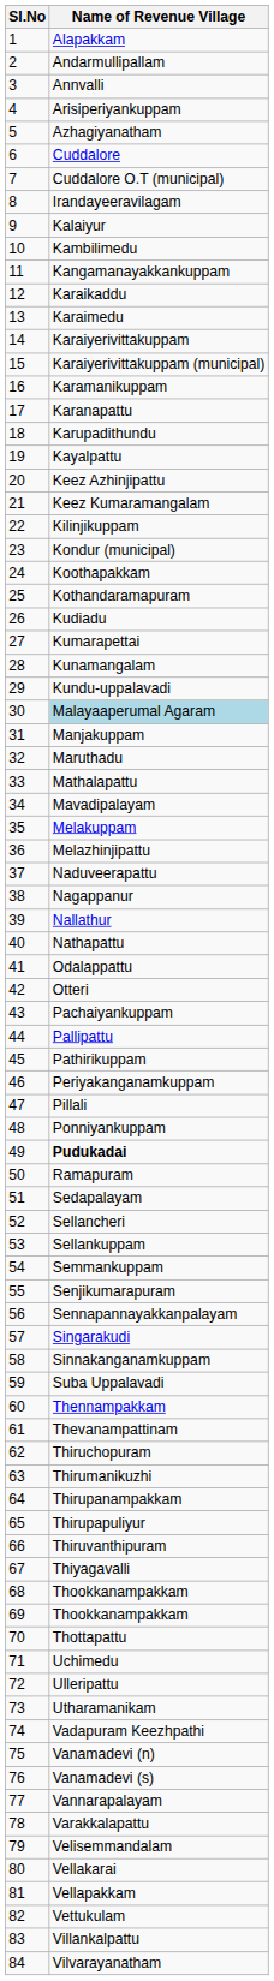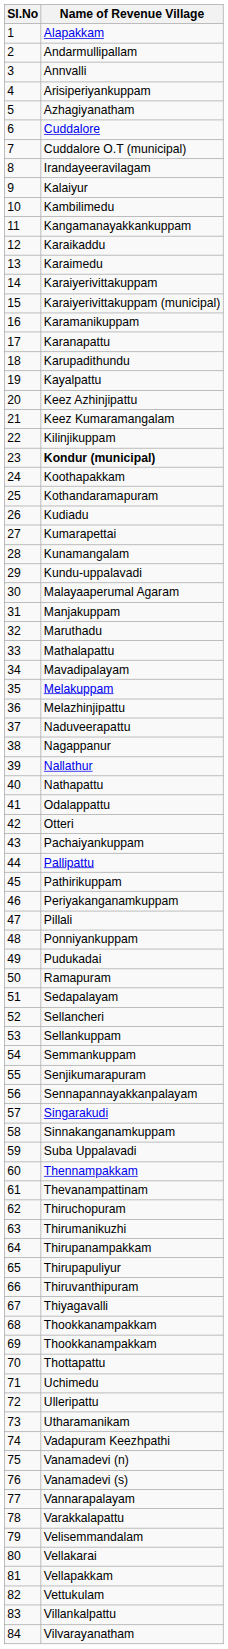 <table class="wikitable sortable">
 <tr>
 <th>SI.No</th>
 <th>Name of Revenue Village</th>
 </tr>
 <tr>
 <td>1</td>
 <td><a href='#'>Alapakkam</a></td>
 </tr>
 <tr>
 <td>2</td>
 <td>Andarmullipallam</td>
 </tr>
 <tr>
 <td>3</td>
 <td>Annvalli</td>
 </tr>
 <tr>
 <td>4</td>
 <td>Arisiperiyankuppam</td>
 </tr>
 <tr>
 <td>5</td>
 <td>Azhagiyanatham</td>
 </tr>
 <tr>
 <td>6</td>
 <td><a href='#'>Cuddalore</a></td>
 </tr>
 <tr>
 <td>7</td>
 <td>Cuddalore O.T (municipal)</td>
 </tr>
 <tr>
 <td>8</td>
 <td>Irandayeeravilagam</td>
 </tr>
 <tr>
 <td>9</td>
 <td>Kalaiyur</td>
 </tr>
 <tr>
 <td>10</td>
 <td>Kambilimedu</td>
 </tr>
 <tr>
 <td>11</td>
 <td>Kangamanayakkankuppam</td>
 </tr>
 <tr>
 <td>12</td>
 <td>Karaikaddu</td>
 </tr>
 <tr>
 <td>13</td>
 <td>Karaimedu</td>
 </tr>
 <tr>
 <td>14</td>
 <td>Karaiyerivittakuppam</td>
 </tr>
 <tr>
 <td>15</td>
 <td>Karaiyerivittakuppam (municipal)</td>
 </tr>
 <tr>
 <td>16</td>
 <td>Karamanikuppam</td>
 </tr>
 <tr>
 <td>17</td>
 <td>Karanapattu</td>
 </tr>
 <tr>
 <td>18</td>
 <td>Karupadithundu</td>
 </tr>
 <tr>
 <td>19</td>
 <td>Kayalpattu</td>
 </tr>
 <tr>
 <td>20</td>
 <td>Keez Azhinjipattu</td>
 </tr>
 <tr>
 <td>21</td>
 <td>Keez Kumaramangalam</td>
 </tr>
 <tr>
 <td>22</td>
 <td>Kilinjikuppam</td>
 </tr>
 <tr>
 <td>23</td>
-<td>Kondur (municipal)</td>
+<td><strong>Kondur (municipal)</strong></td>
 </tr>
 <tr>
 <td>24</td>
 <td>Koothapakkam</td>
 </tr>
 <tr>
 <td>25</td>
 <td>Kothandaramapuram</td>
 </tr>
 <tr>
 <td>26</td>
 <td>Kudiadu</td>
 </tr>
 <tr>
 <td>27</td>
 <td>Kumarapettai</td>
 </tr>
 <tr>
 <td>28</td>
 <td>Kunamangalam</td>
 </tr>
 <tr>
 <td>29</td>
 <td>Kundu-uppalavadi</td>
 </tr>
 <tr>
 <td>30</td>
-<td style="background: lightblue;">Malayaaperumal Agaram</td>
+<td>Malayaaperumal Agaram</td>
 </tr>
 <tr>
 <td>31</td>
 <td>Manjakuppam</td>
 </tr>
 <tr>
 <td>32</td>
 <td>Maruthadu</td>
 </tr>
 <tr>
 <td>33</td>
 <td>Mathalapattu</td>
 </tr>
 <tr>
 <td>34</td>
 <td>Mavadipalayam</td>
 </tr>
 <tr>
 <td>35</td>
 <td><a href='#'>Melakuppam</a></td>
 </tr>
 <tr>
 <td>36</td>
 <td>Melazhinjipattu</td>
 </tr>
 <tr>
 <td>37</td>
 <td>Naduveerapattu</td>
 </tr>
 <tr>
 <td>38</td>
 <td>Nagappanur</td>
 </tr>
 <tr>
 <td>39</td>
 <td><a href='#'>Nallathur</a></td>
 </tr>
 <tr>
 <td>40</td>
 <td>Nathapattu</td>
 </tr>
 <tr>
 <td>41</td>
 <td>Odalappattu</td>
 </tr>
 <tr>
 <td>42</td>
 <td>Otteri</td>
 </tr>
 <tr>
 <td>43</td>
 <td>Pachaiyankuppam</td>
 </tr>
 <tr>
 <td>44</td>
 <td><a href='#'>Pallipattu</a></td>
 </tr>
 <tr>
 <td>45</td>
 <td>Pathirikuppam</td>
 </tr>
 <tr>
 <td>46</td>
 <td>Periyakanganamkuppam</td>
 </tr>
 <tr>
 <td>47</td>
 <td>Pillali</td>
 </tr>
 <tr>
 <td>48</td>
 <td>Ponniyankuppam</td>
 </tr>
 <tr>
 <td>49</td>
-<td><strong>Pudukadai</strong></td>
+<td>Pudukadai</td>
 </tr>
 <tr>
 <td>50</td>
 <td>Ramapuram</td>
 </tr>
 <tr>
 <td>51</td>
 <td>Sedapalayam</td>
 </tr>
 <tr>
 <td>52</td>
 <td>Sellancheri</td>
 </tr>
 <tr>
 <td>53</td>
 <td>Sellankuppam</td>
 </tr>
 <tr>
 <td>54</td>
 <td>Semmankuppam</td>
 </tr>
 <tr>
 <td>55</td>
 <td>Senjikumarapuram</td>
 </tr>
 <tr>
 <td>56</td>
 <td>Sennapannayakkanpalayam</td>
 </tr>
 <tr>
 <td>57</td>
 <td><a href='#'>Singarakudi</a></td>
 </tr>
 <tr>
 <td>58</td>
 <td>Sinnakanganamkuppam</td>
 </tr>
 <tr>
 <td>59</td>
 <td>Suba Uppalavadi</td>
 </tr>
 <tr>
 <td>60</td>
 <td><a href='#'>Thennampakkam</a></td>
 </tr>
 <tr>
 <td>61</td>
 <td>Thevanampattinam</td>
 </tr>
 <tr>
 <td>62</td>
 <td>Thiruchopuram</td>
 </tr>
 <tr>
 <td>63</td>
 <td>Thirumanikuzhi</td>
 </tr>
 <tr>
 <td>64</td>
 <td>Thirupanampakkam</td>
 </tr>
 <tr>
 <td>65</td>
 <td>Thirupapuliyur</td>
 </tr>
 <tr>
 <td>66</td>
 <td>Thiruvanthipuram</td>
 </tr>
 <tr>
 <td>67</td>
 <td>Thiyagavalli</td>
 </tr>
 <tr>
 <td>68</td>
 <td>Thookkanampakkam</td>
 </tr>
 <tr>
 <td>69</td>
 <td>Thookkanampakkam</td>
 </tr>
 <tr>
 <td>70</td>
 <td>Thottapattu</td>
 </tr>
 <tr>
 <td>71</td>
 <td>Uchimedu</td>
 </tr>
 <tr>
 <td>72</td>
 <td>Ulleripattu</td>
 </tr>
 <tr>
 <td>73</td>
 <td>Utharamanikam</td>
 </tr>
 <tr>
 <td>74</td>
 <td>Vadapuram Keezhpathi</td>
 </tr>
 <tr>
 <td>75</td>
 <td>Vanamadevi (n)</td>
 </tr>
 <tr>
 <td>76</td>
 <td>Vanamadevi (s)</td>
 </tr>
 <tr>
 <td>77</td>
 <td>Vannarapalayam</td>
 </tr>
 <tr>
 <td>78</td>
 <td>Varakkalapattu</td>
 </tr>
 <tr>
 <td>79</td>
 <td>Velisemmandalam</td>
 </tr>
 <tr>
 <td>80</td>
 <td>Vellakarai</td>
 </tr>
 <tr>
 <td>81</td>
 <td>Vellapakkam</td>
 </tr>
 <tr>
 <td>82</td>
 <td>Vettukulam</td>
 </tr>
 <tr>
 <td>83</td>
 <td>Villankalpattu</td>
 </tr>
 <tr>
 <td>84</td>
 <td>Vilvarayanatham</td>
 </tr>
 </table>
